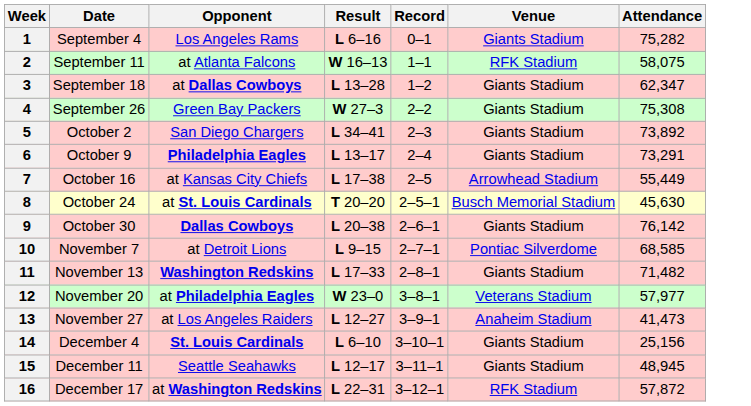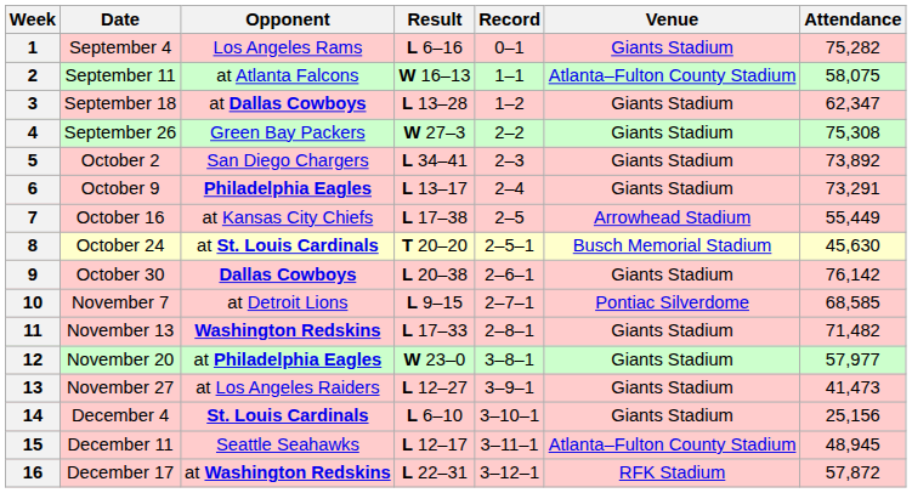 <table class="wikitable" style="text-align:center">
 <tr>
 <th>Week</th>
 <th>Date</th>
 <th>Opponent</th>
 <th>Result</th>
 <th>Record</th>
 <th>Venue</th>
 <th>Attendance</th>
 </tr>
 <tr style="background:#fcc">
 <th>1</th>
 <td>September 4</td>
 <td><a href='#'>Los Angeles Rams</a></td>
 <td><strong>L</strong> 6–16</td>
 <td>0–1</td>
 <td><a href='#'>Giants Stadium</a></td>
 <td>75,282</td>
 </tr>
 <tr style="background:#cfc">
 <th>2</th>
 <td>September 11</td>
 <td>at <a href='#'>Atlanta Falcons</a></td>
 <td><strong>W</strong> 16–13</td>
 <td>1–1</td>
-<td><a href='#'>RFK Stadium</a></td>
+<td><a href='#'>Atlanta–Fulton County Stadium</a></td>
 <td>58,075</td>
 </tr>
 <tr style="background:#fcc">
 <th>3</th>
 <td>September 18</td>
 <td>at <strong><a href='#'>Dallas Cowboys</a></strong></td>
 <td><strong>L</strong> 13–28</td>
 <td>1–2</td>
 <td>Giants Stadium</td>
 <td>62,347</td>
 </tr>
 <tr style="background:#cfc">
 <th>4</th>
 <td>September 26</td>
 <td><a href='#'>Green Bay Packers</a></td>
 <td><strong>W</strong> 27–3</td>
 <td>2–2</td>
 <td>Giants Stadium</td>
 <td>75,308</td>
 </tr>
 <tr style="background:#fcc">
 <th>5</th>
 <td>October 2</td>
 <td><a href='#'>San Diego Chargers</a></td>
 <td><strong>L</strong> 34–41</td>
 <td>2–3</td>
 <td>Giants Stadium</td>
 <td>73,892</td>
 </tr>
 <tr style="background:#fcc">
 <th>6</th>
 <td>October 9</td>
 <td><strong><a href='#'>Philadelphia Eagles</a></strong></td>
 <td><strong>L</strong> 13–17</td>
 <td>2–4</td>
 <td>Giants Stadium</td>
 <td>73,291</td>
 </tr>
 <tr style="background:#fcc">
 <th>7</th>
 <td>October 16</td>
 <td>at <a href='#'>Kansas City Chiefs</a></td>
 <td><strong>L</strong> 17–38</td>
 <td>2–5</td>
 <td><a href='#'>Arrowhead Stadium</a></td>
 <td>55,449</td>
 </tr>
 <tr style="background:#ffc">
 <th>8</th>
 <td>October 24</td>
 <td>at <strong><a href='#'>St. Louis Cardinals</a></strong></td>
 <td><strong>T</strong> 20–20</td>
 <td>2–5–1</td>
 <td><a href='#'>Busch Memorial Stadium</a></td>
 <td>45,630</td>
 </tr>
 <tr style="background:#fcc">
 <th>9</th>
 <td>October 30</td>
 <td><strong><a href='#'>Dallas Cowboys</a></strong></td>
 <td><strong>L</strong> 20–38</td>
 <td>2–6–1</td>
 <td>Giants Stadium</td>
 <td>76,142</td>
 </tr>
 <tr style="background:#fcc">
 <th>10</th>
 <td>November 7</td>
 <td>at <a href='#'>Detroit Lions</a></td>
 <td><strong>L</strong> 9–15</td>
 <td>2–7–1</td>
 <td><a href='#'>Pontiac Silverdome</a></td>
 <td>68,585</td>
 </tr>
 <tr style="background:#fcc">
 <th>11</th>
 <td>November 13</td>
 <td><strong><a href='#'>Washington Redskins</a></strong></td>
 <td><strong>L</strong> 17–33</td>
 <td>2–8–1</td>
 <td>Giants Stadium</td>
 <td>71,482</td>
 </tr>
 <tr style="background:#cfc">
 <th>12</th>
 <td>November 20</td>
 <td>at <strong><a href='#'>Philadelphia Eagles</a></strong></td>
 <td><strong>W</strong> 23–0</td>
 <td>3–8–1</td>
-<td><a href='#'>Veterans Stadium</a></td>
+<td>Giants Stadium</td>
 <td>57,977</td>
 </tr>
 <tr style="background:#fcc">
 <th>13</th>
 <td>November 27</td>
 <td>at <a href='#'>Los Angeles Raiders</a></td>
 <td><strong>L</strong> 12–27</td>
 <td>3–9–1</td>
-<td><a href='#'>Anaheim Stadium</a></td>
+<td>Giants Stadium</td>
 <td>41,473</td>
 </tr>
 <tr style="background:#fcc">
 <th>14</th>
 <td>December 4</td>
 <td><strong><a href='#'>St. Louis Cardinals</a></strong></td>
 <td><strong>L</strong> 6–10</td>
 <td>3–10–1</td>
 <td>Giants Stadium</td>
 <td>25,156</td>
 </tr>
 <tr style="background:#fcc">
 <th>15</th>
 <td>December 11</td>
 <td><a href='#'>Seattle Seahawks</a></td>
 <td><strong>L</strong> 12–17</td>
 <td>3–11–1</td>
-<td>Giants Stadium</td>
+<td><a href='#'>Atlanta–Fulton County Stadium</a></td>
 <td>48,945</td>
 </tr>
 <tr style="background:#fcc">
 <th>16</th>
 <td>December 17</td>
 <td>at <strong><a href='#'>Washington Redskins</a></strong></td>
 <td><strong>L</strong> 22–31</td>
 <td>3–12–1</td>
 <td><a href='#'>RFK Stadium</a></td>
 <td>57,872</td>
 </tr>
 </table>
